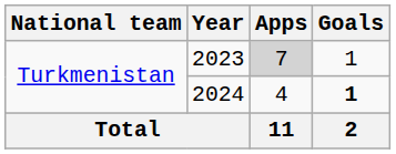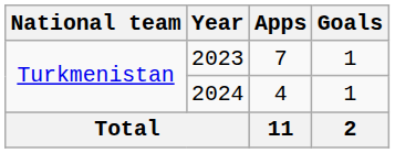 <table class="wikitable" style="text-align:center">
 <tr>
 <th>National team</th>
 <th>Year</th>
 <th>Apps</th>
 <th>Goals</th>
 </tr>
 <tr>
 <td rowspan="2"><a href='#'>Turkmenistan</a></td>
 <td>2023</td>
-<td style="background: lightgrey;">7</td>
+<td>7</td>
 <td>1</td>
 </tr>
 <tr>
 <td>2024</td>
 <td>4</td>
-<td><strong>1</strong></td>
+<td>1</td>
 </tr>
 <tr>
 <th colspan=2>Total</th>
 <th>11</th>
 <th>2</th>
 </tr>
 </table>
